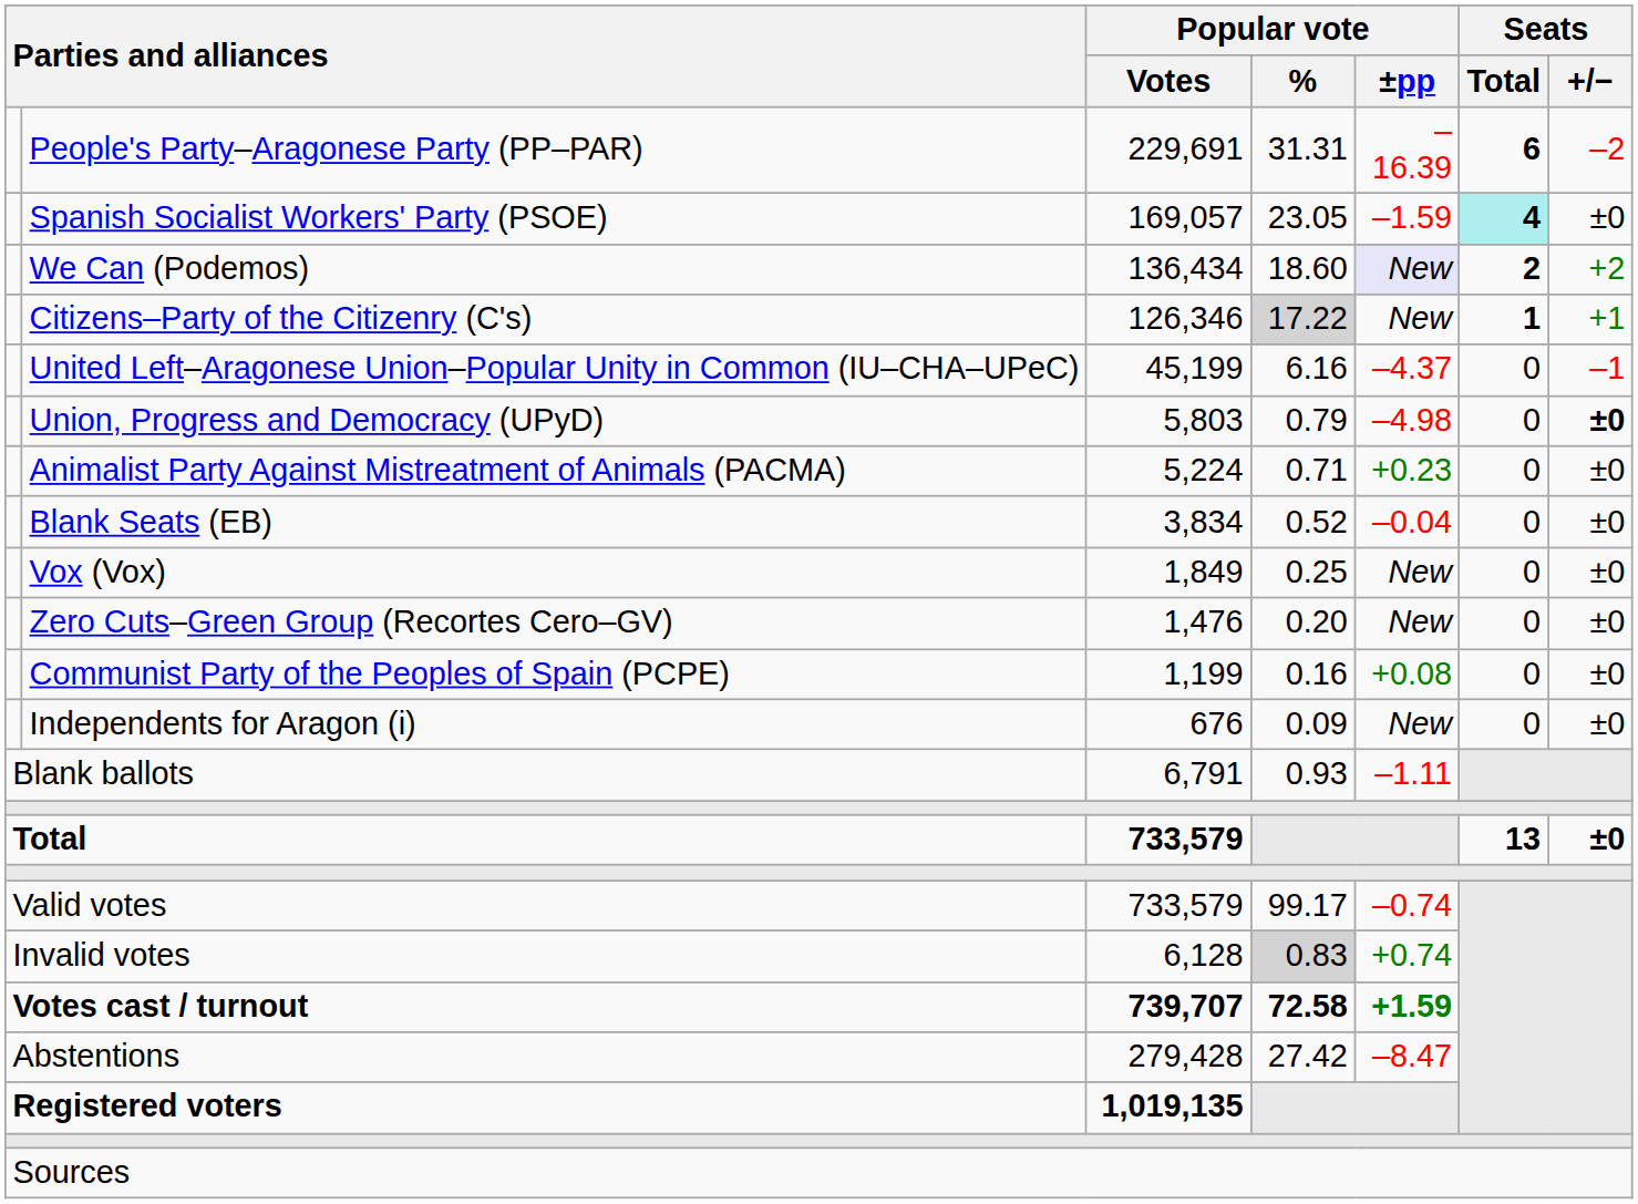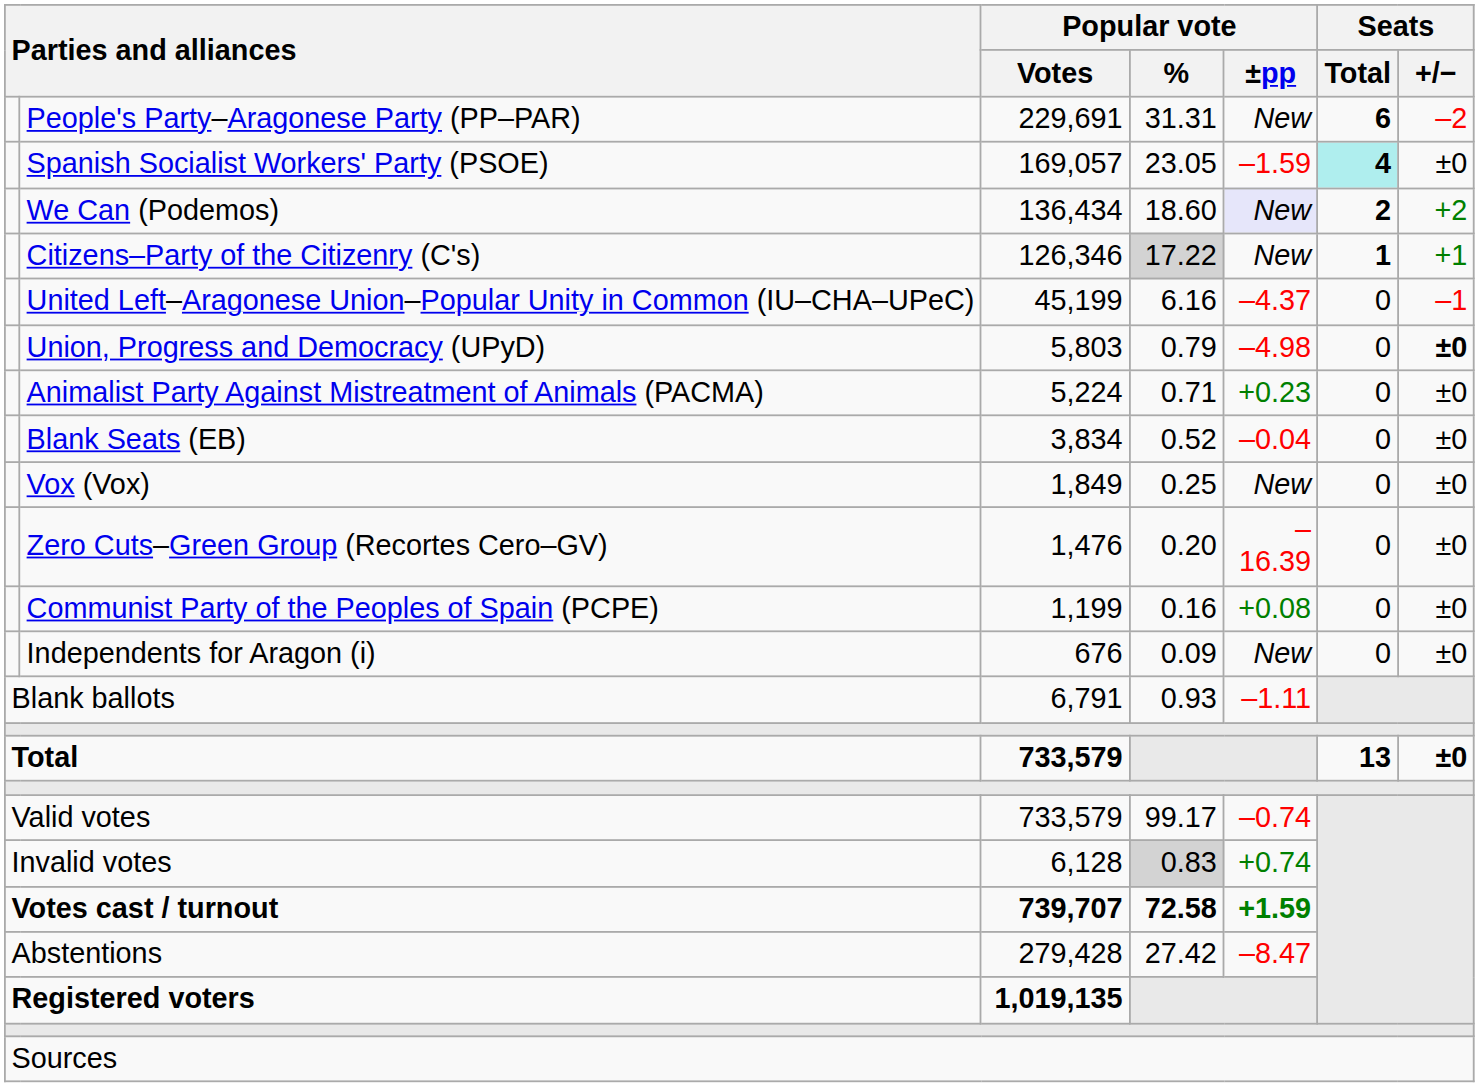 <table class="wikitable" style="text-align:right;">
 <tr>
 <th style="text-align:left;" rowspan="2" colspan="2" width="525">Parties and alliances</th>
 <th colspan="3">Popular vote</th>
 <th colspan="2">Seats</th>
 </tr>
 <tr>
 <th width="75">Votes</th>
 <th width="45">%</th>
 <th width="45">±<a href='#'>pp</a></th>
 <th width="35">Total</th>
 <th width="35">+/−</th>
 </tr>
 <tr>
 <td width="1" style="color:inherit;background:"></td>
 <td align="left"><a href='#'>People's Party</a>–<a href='#'>Aragonese Party</a> (PP–PAR)</td>
 <td>229,691</td>
 <td>31.31</td>
-<td style="color:red;">–16.39</td>
+<td><em>New</em></td>
 <td><strong>6</strong></td>
 <td style="color:red;">–2</td>
 </tr>
 <tr>
 <td style="color:inherit;background:"></td>
 <td align="left"><a href='#'>Spanish Socialist Workers' Party</a> (PSOE)</td>
 <td>169,057</td>
 <td>23.05</td>
 <td style="color:red;">–1.59</td>
 <td style="background: paleturquoise;"><strong>4</strong></td>
 <td>±0</td>
 </tr>
 <tr>
 <td style="color:inherit;background:"></td>
 <td align="left"><a href='#'>We Can</a> (Podemos)</td>
 <td>136,434</td>
 <td>18.60</td>
 <td style="background: lavender;"><em>New</em></td>
 <td><strong>2</strong></td>
 <td style="color:green;">+2</td>
 </tr>
 <tr>
 <td style="color:inherit;background:"></td>
 <td align="left"><a href='#'>Citizens–Party of the Citizenry</a> (C's)</td>
 <td>126,346</td>
 <td style="background: lightgrey;">17.22</td>
 <td><em>New</em></td>
 <td><strong>1</strong></td>
 <td style="color:green;">+1</td>
 </tr>
 <tr>
 <td style="color:inherit;background:"></td>
 <td align="left"><a href='#'>United Left</a>–<a href='#'>Aragonese Union</a>–<a href='#'>Popular Unity in Common</a> (IU–CHA–UPeC)</td>
 <td>45,199</td>
 <td>6.16</td>
 <td style="color:red;">–4.37</td>
 <td>0</td>
 <td style="color:red;">–1</td>
 </tr>
 <tr>
 <td style="color:inherit;background:"></td>
 <td align="left"><a href='#'>Union, Progress and Democracy</a> (UPyD)</td>
 <td>5,803</td>
 <td>0.79</td>
 <td style="color:red;">–4.98</td>
 <td>0</td>
 <td><strong>±0</strong></td>
 </tr>
 <tr>
 <td style="color:inherit;background:"></td>
 <td align="left"><a href='#'>Animalist Party Against Mistreatment of Animals</a> (PACMA)</td>
 <td>5,224</td>
 <td>0.71</td>
 <td style="color:green;">+0.23</td>
 <td>0</td>
 <td>±0</td>
 </tr>
 <tr>
 <td style="color:inherit;background:"></td>
 <td align="left"><a href='#'>Blank Seats</a> (EB)</td>
 <td>3,834</td>
 <td>0.52</td>
 <td style="color:red;">–0.04</td>
 <td>0</td>
 <td>±0</td>
 </tr>
 <tr>
 <td style="color:inherit;background:"></td>
 <td align="left"><a href='#'>Vox</a> (Vox)</td>
 <td>1,849</td>
 <td>0.25</td>
 <td><em>New</em></td>
 <td>0</td>
 <td>±0</td>
 </tr>
 <tr>
 <td style="color:inherit;background:"></td>
 <td align="left"><a href='#'>Zero Cuts</a>–<a href='#'>Green Group</a> (Recortes Cero–GV)</td>
 <td>1,476</td>
 <td>0.20</td>
-<td><em>New</em></td>
+<td style="color:red;">–16.39</td>
 <td>0</td>
 <td>±0</td>
 </tr>
 <tr>
 <td style="color:inherit;background:"></td>
 <td align="left"><a href='#'>Communist Party of the Peoples of Spain</a> (PCPE)</td>
 <td>1,199</td>
 <td>0.16</td>
 <td style="color:green;">+0.08</td>
 <td>0</td>
 <td>±0</td>
 </tr>
 <tr>
 <td style="color:inherit;background:"></td>
 <td align="left">Independents for Aragon (i)</td>
 <td>676</td>
 <td>0.09</td>
 <td><em>New</em></td>
 <td>0</td>
 <td>±0</td>
 </tr>
 <tr>
 <td align="left" colspan="2">Blank ballots</td>
 <td>6,791</td>
 <td>0.93</td>
 <td style="color:red;">–1.11</td>
 <td bgcolor="#E9E9E9" colspan="2"></td>
 </tr>
 <tr>
 <td colspan="7" bgcolor="#E9E9E9"></td>
 </tr>
 <tr style="font-weight:bold;">
 <td align="left" colspan="2">Total</td>
 <td>733,579</td>
 <td bgcolor="#E9E9E9" colspan="2"></td>
 <td>13</td>
 <td>±0</td>
 </tr>
 <tr>
 <td colspan="7" bgcolor="#E9E9E9"></td>
 </tr>
 <tr>
 <td align="left" colspan="2">Valid votes</td>
 <td>733,579</td>
 <td>99.17</td>
 <td style="color:red;">–0.74</td>
 <td bgcolor="#E9E9E9" colspan="2" rowspan="5"></td>
 </tr>
 <tr>
 <td align="left" colspan="2">Invalid votes</td>
 <td>6,128</td>
 <td style="background: lightgrey;">0.83</td>
 <td style="color:green;">+0.74</td>
 </tr>
 <tr style="font-weight:bold;">
 <td align="left" colspan="2">Votes cast / turnout</td>
 <td>739,707</td>
 <td>72.58</td>
 <td style="color:green;">+1.59</td>
 </tr>
 <tr>
 <td align="left" colspan="2">Abstentions</td>
 <td>279,428</td>
 <td>27.42</td>
 <td style="color:red;">–8.47</td>
 </tr>
 <tr style="font-weight:bold;">
 <td align="left" colspan="2">Registered voters</td>
 <td>1,019,135</td>
 <td bgcolor="#E9E9E9" colspan="2"></td>
 </tr>
 <tr>
 <td colspan="7" bgcolor="#E9E9E9"></td>
 </tr>
 <tr>
 <td align="left" colspan="7">Sources</td>
 </tr>
 </table>
